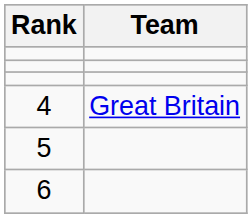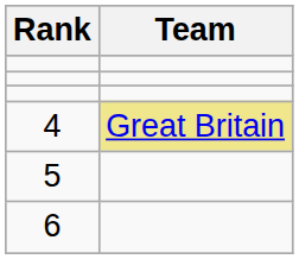 <table class=wikitable style="text-align:center;">
 <tr>
 <th>Rank</th>
 <th>Team</th>
 </tr>
 <tr>
 <td></td>
 <td align=left></td>
 </tr>
 <tr>
 <td></td>
 <td align=left></td>
 </tr>
 <tr>
 <td></td>
 <td align=left></td>
 </tr>
 <tr>
 <td>4</td>
-<td align=left> <a href='#'>Great Britain</a></td>
+<td align=left style="background: khaki;"> <a href='#'>Great Britain</a></td>
 </tr>
 <tr>
 <td>5</td>
 <td align=left></td>
 </tr>
 <tr>
 <td>6</td>
 <td align=left></td>
 </tr>
 </table>
